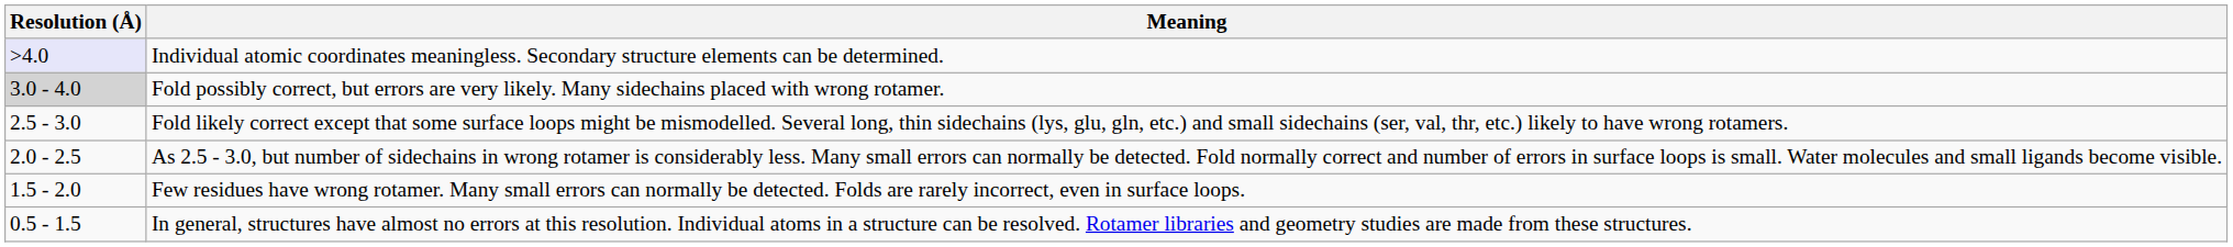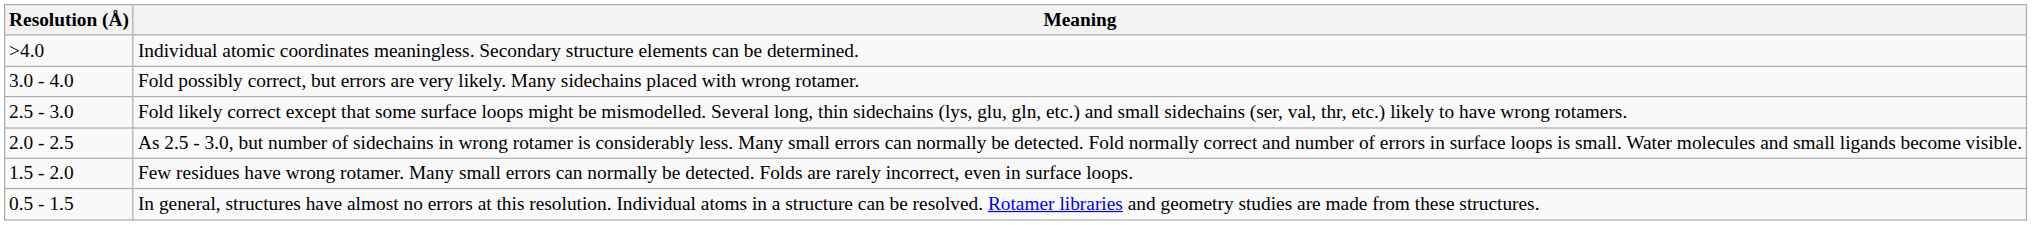 <table class=wikitable>
 <tr bgcolor=white>
 <th>Resolution (Å)</th>
 <th>Meaning</th>
 </tr>
 <tr valign=top>
-<td style="background: lavender;">>4.0</td>
+<td>>4.0</td>
 <td>Individual atomic coordinates meaningless. Secondary structure elements can be determined.</td>
 </tr>
 <tr>
-<td style="background: lightgrey;">3.0 - 4.0</td>
+<td>3.0 - 4.0</td>
 <td>Fold possibly correct, but errors are very likely. Many sidechains placed with wrong rotamer.</td>
 </tr>
 <tr valign=top>
 <td>2.5 - 3.0</td>
 <td>Fold likely correct except that some surface loops might be mismodelled. Several long, thin sidechains (lys, glu, gln, etc.) and small sidechains (ser, val, thr, etc.) likely to have wrong rotamers.</td>
 </tr>
 <tr valign=top>
 <td>2.0 - 2.5</td>
 <td>As 2.5 - 3.0, but number of sidechains in wrong rotamer is considerably less. Many small errors can normally be detected. Fold normally correct and number of errors in surface loops is small.  Water molecules and small ligands become visible.</td>
 </tr>
 <tr valign=top>
 <td>1.5 - 2.0</td>
 <td>Few residues have wrong rotamer. Many small errors can normally be detected. Folds are rarely incorrect, even in surface loops.</td>
 </tr>
 <tr valign=top>
 <td>0.5 - 1.5</td>
 <td>In general, structures have almost no errors at this resolution. Individual atoms in a structure can be resolved. <a href='#'>Rotamer libraries</a> and geometry studies are made from these structures.</td>
 </tr>
 </table>
